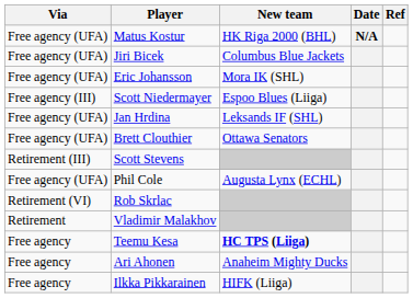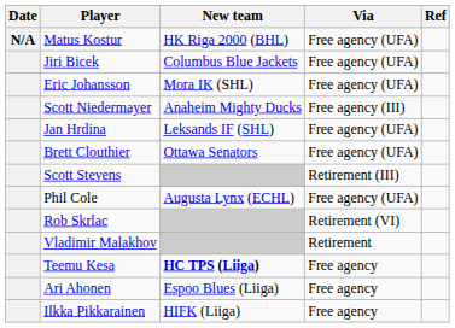 <table class="wikitable plainrowheaders">
 <tr style="background:#ddd; text-align:center;">
-<th>Via</th>
+<th>Date</th>
 <th>Player</th>
 <th>New team</th>
-<th>Date</th>
+<th>Via</th>
 <th>Ref</th>
 </tr>
 <tr>
-<td>Free agency (UFA)</td>
+<th scope="row">N/A</th>
 <td><a href='#'>Matus Kostur</a></td>
 <td><a href='#'>HK Riga 2000</a> (<a href='#'>BHL</a>)</td>
-<th scope="row">N/A</th>
+<td>Free agency (UFA)</td>
 <td></td>
 </tr>
 <tr>
-<td>Free agency (UFA)</td>
+<th scope="row"></th>
 <td><a href='#'>Jiri Bicek</a></td>
 <td><a href='#'>Columbus Blue Jackets</a></td>
-<th scope="row"></th>
+<td>Free agency (UFA)</td>
 <td></td>
 </tr>
 <tr>
-<td>Free agency (UFA)</td>
+<th scope="row"></th>
 <td><a href='#'>Eric Johansson</a></td>
 <td><a href='#'>Mora IK</a> (SHL)</td>
-<th scope="row"></th>
+<td>Free agency (UFA)</td>
 <td></td>
 </tr>
 <tr>
+<th scope="row"></th>
+<td><a href='#'>Scott Niedermayer</a></td>
+<td><a href='#'>Anaheim Mighty Ducks</a></td>
 <td>Free agency (III)</td>
-<td><a href='#'>Scott Niedermayer</a></td>
-<td><a href='#'>Espoo Blues</a> (Liiga)</td>
-<th scope="row"></th>
 <td></td>
 </tr>
 <tr>
-<td>Free agency (UFA)</td>
+<th scope="row"></th>
 <td><a href='#'>Jan Hrdina</a></td>
 <td><a href='#'>Leksands IF</a> (<a href='#'>SHL</a>)</td>
-<th scope="row"></th>
+<td>Free agency (UFA)</td>
 <td></td>
 </tr>
 <tr>
-<td>Free agency (UFA)</td>
+<th scope="row"></th>
 <td><a href='#'>Brett Clouthier</a></td>
 <td><a href='#'>Ottawa Senators</a></td>
-<th scope="row"></th>
+<td>Free agency (UFA)</td>
 <td></td>
 </tr>
 <tr>
-<td>Retirement (III)</td>
+<th scope="row"></th>
 <td><a href='#'>Scott Stevens</a></td>
 <td style="background:#ccc"></td>
-<th scope="row"></th>
+<td>Retirement (III)</td>
 <td></td>
 </tr>
 <tr>
-<td>Free agency (UFA)</td>
+<th scope="row"></th>
 <td>Phil Cole</td>
 <td><a href='#'>Augusta Lynx</a> (<a href='#'>ECHL</a>)</td>
-<th scope="row"></th>
+<td>Free agency (UFA)</td>
 <td></td>
 </tr>
 <tr>
-<td>Retirement (VI)</td>
+<th scope="row"></th>
 <td><a href='#'>Rob Skrlac</a></td>
 <td style="background:#ccc"></td>
-<th scope="row"></th>
+<td>Retirement (VI)</td>
 <td></td>
 </tr>
 <tr>
-<td>Retirement</td>
+<th scope="row"></th>
 <td><a href='#'>Vladimir Malakhov</a></td>
 <td style="background:#ccc"></td>
-<th scope="row"></th>
+<td>Retirement</td>
 <td></td>
 </tr>
 <tr>
-<td>Free agency</td>
+<th scope="row"></th>
 <td><a href='#'>Teemu Kesa</a></td>
 <td><strong><a href='#'>HC TPS</a> (<a href='#'>Liiga</a>)</strong></td>
-<th scope="row"></th>
+<td>Free agency</td>
 <td></td>
 </tr>
 <tr>
+<th scope="row"></th>
+<td><a href='#'>Ari Ahonen</a></td>
+<td><a href='#'>Espoo Blues</a> (Liiga)</td>
 <td>Free agency</td>
-<td><a href='#'>Ari Ahonen</a></td>
-<td><a href='#'>Anaheim Mighty Ducks</a></td>
-<th scope="row"></th>
 <td></td>
 </tr>
 <tr>
-<td>Free agency</td>
+<th scope="row"></th>
 <td><a href='#'>Ilkka Pikkarainen</a></td>
 <td><a href='#'>HIFK</a> (Liiga)</td>
-<th scope="row"></th>
+<td>Free agency</td>
 <td></td>
 </tr>
 </table>
